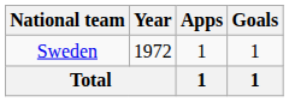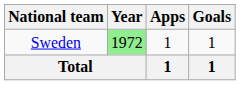 <table class="wikitable" style="text-align:center">
 <tr>
 <th>National team</th>
 <th>Year</th>
 <th>Apps</th>
 <th>Goals</th>
 </tr>
 <tr>
 <td><a href='#'>Sweden</a></td>
-<td>1972</td>
+<td style="background: lightgreen;">1972</td>
 <td>1</td>
 <td>1</td>
 </tr>
 <tr>
 <th colspan="2">Total</th>
 <th>1</th>
 <th>1</th>
 </tr>
 </table>
